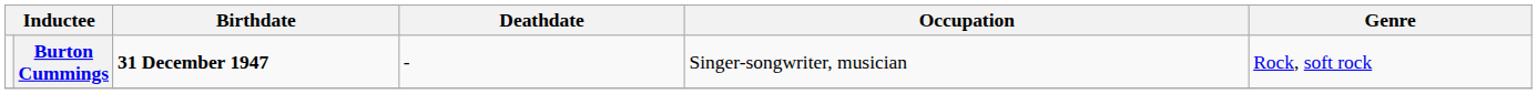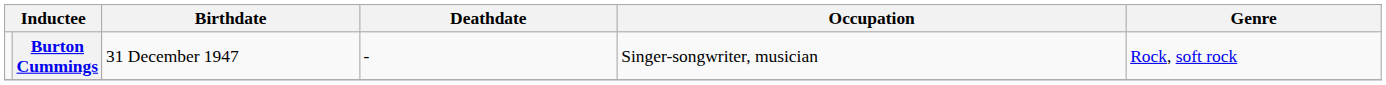 <table class="wikitable" width="100%">
 <tr>
 <th colspan=2>Inductee</th>
 <th width="20%">Birthdate</th>
 <th width="20%">Deathdate</th>
 <th width="40%">Occupation</th>
 <th width="40%">Genre</th>
 </tr>
 <tr>
 <td></td>
 <th><a href='#'>Burton Cummings</a></th>
-<td><strong>31 December 1947</strong></td>
+<td>31 December 1947</td>
 <td>-</td>
 <td>Singer-songwriter, musician</td>
 <td><a href='#'>Rock</a>, <a href='#'>soft rock</a></td>
 </tr>
 <tr>
 </tr>
 </table>
